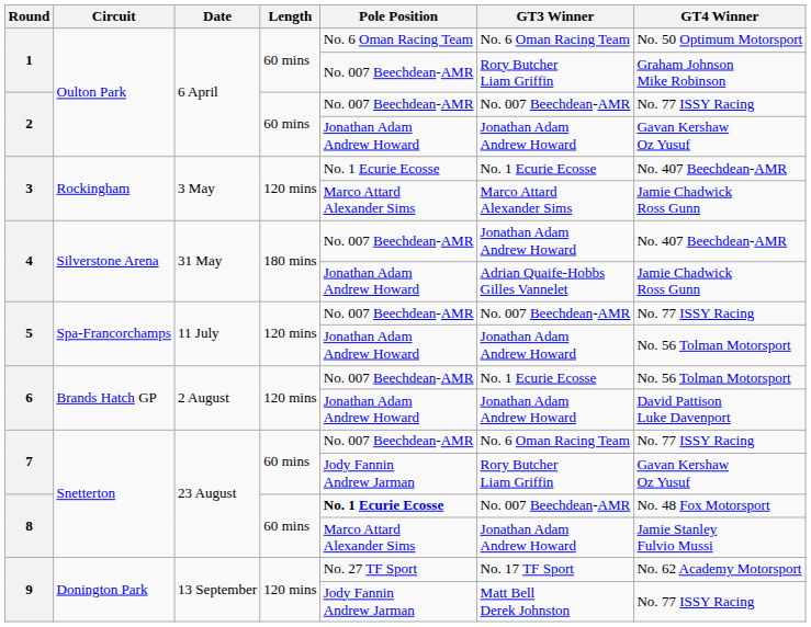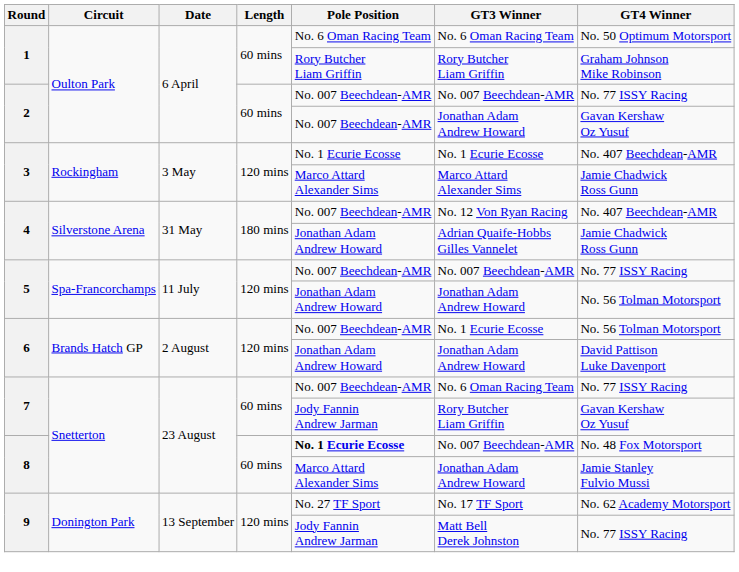 <table class="wikitable" style="font-size: 85%">
 <tr>
 <th>Round</th>
 <th>Circuit</th>
 <th>Date</th>
 <th>Length</th>
 <th>Pole Position</th>
 <th>GT3 Winner</th>
 <th>GT4 Winner</th>
 </tr>
 <tr>
 <th rowspan=2>1</th>
 <td rowspan=4><a href='#'>Oulton Park</a></td>
 <td rowspan=4>6 April</td>
 <td rowspan=2>60 mins</td>
 <td>No. 6 <a href='#'>Oman Racing Team</a></td>
 <td>No. 6 <a href='#'>Oman Racing Team</a></td>
 <td>No. 50 <a href='#'>Optimum Motorsport</a></td>
 </tr>
 <tr>
-<td>No. 007 <a href='#'>Beechdean</a>-<a href='#'>AMR</a></td>
+<td> <a href='#'>Rory Butcher</a><br> <a href='#'>Liam Griffin</a></td>
 <td> <a href='#'>Rory Butcher</a><br> <a href='#'>Liam Griffin</a></td>
 <td> <a href='#'>Graham Johnson</a><br> <a href='#'>Mike Robinson</a></td>
 </tr>
 <tr>
 <th rowspan=2>2</th>
 <td rowspan=2>60 mins</td>
 <td>No. 007 <a href='#'>Beechdean</a>-<a href='#'>AMR</a></td>
 <td>No. 007 <a href='#'>Beechdean</a>-<a href='#'>AMR</a></td>
 <td>No. 77 <a href='#'>ISSY Racing</a></td>
 </tr>
 <tr>
-<td> <a href='#'>Jonathan Adam</a><br> <a href='#'>Andrew Howard</a></td>
+<td>No. 007 <a href='#'>Beechdean</a>-<a href='#'>AMR</a></td>
 <td> <a href='#'>Jonathan Adam</a><br> <a href='#'>Andrew Howard</a></td>
 <td> <a href='#'>Gavan Kershaw</a><br> <a href='#'>Oz Yusuf</a></td>
 </tr>
 <tr>
 <th rowspan=2>3</th>
 <td rowspan=2><a href='#'>Rockingham</a></td>
 <td rowspan=2>3 May</td>
 <td rowspan=2>120 mins</td>
 <td>No. 1 <a href='#'>Ecurie Ecosse</a></td>
 <td>No. 1 <a href='#'>Ecurie Ecosse</a></td>
 <td>No. 407 <a href='#'>Beechdean</a>-<a href='#'>AMR</a></td>
 </tr>
 <tr>
 <td> <a href='#'>Marco Attard</a><br> <a href='#'>Alexander Sims</a></td>
 <td> <a href='#'>Marco Attard</a><br> <a href='#'>Alexander Sims</a></td>
 <td> <a href='#'>Jamie Chadwick</a><br> <a href='#'>Ross Gunn</a></td>
 </tr>
 <tr>
 <th rowspan=2>4</th>
 <td rowspan=2><a href='#'>Silverstone Arena</a></td>
 <td rowspan=2>31 May</td>
 <td rowspan=2>180 mins</td>
 <td>No. 007 <a href='#'>Beechdean</a>-<a href='#'>AMR</a></td>
-<td> <a href='#'>Jonathan Adam</a><br> <a href='#'>Andrew Howard</a></td>
+<td>No. 12 <a href='#'>Von Ryan Racing</a></td>
 <td>No. 407 <a href='#'>Beechdean</a>-<a href='#'>AMR</a></td>
 </tr>
 <tr>
 <td> <a href='#'>Jonathan Adam</a><br> <a href='#'>Andrew Howard</a></td>
 <td> <a href='#'>Adrian Quaife-Hobbs</a><br> <a href='#'>Gilles Vannelet</a></td>
 <td> <a href='#'>Jamie Chadwick</a><br> <a href='#'>Ross Gunn</a></td>
 </tr>
 <tr>
 <th rowspan=2>5</th>
 <td rowspan=2><a href='#'>Spa-Francorchamps</a></td>
 <td rowspan=2>11 July</td>
 <td rowspan=2>120 mins</td>
 <td>No. 007 <a href='#'>Beechdean</a>-<a href='#'>AMR</a></td>
 <td>No. 007 <a href='#'>Beechdean</a>-<a href='#'>AMR</a></td>
 <td>No. 77 <a href='#'>ISSY Racing</a></td>
 </tr>
 <tr>
 <td> <a href='#'>Jonathan Adam</a><br> <a href='#'>Andrew Howard</a></td>
 <td> <a href='#'>Jonathan Adam</a><br> <a href='#'>Andrew Howard</a></td>
 <td>No. 56 <a href='#'>Tolman Motorsport</a></td>
 </tr>
 <tr>
 <th rowspan=2>6</th>
 <td rowspan=2><a href='#'>Brands Hatch</a> GP</td>
 <td rowspan=2>2 August</td>
 <td rowspan=2>120 mins</td>
 <td>No. 007 <a href='#'>Beechdean</a>-<a href='#'>AMR</a></td>
 <td>No. 1 <a href='#'>Ecurie Ecosse</a></td>
 <td>No. 56 <a href='#'>Tolman Motorsport</a></td>
 </tr>
 <tr>
 <td> <a href='#'>Jonathan Adam</a><br> <a href='#'>Andrew Howard</a></td>
 <td> <a href='#'>Jonathan Adam</a><br> <a href='#'>Andrew Howard</a></td>
 <td> <a href='#'>David Pattison</a><br> <a href='#'>Luke Davenport</a></td>
 </tr>
 <tr>
 <th rowspan=2>7</th>
 <td rowspan=4><a href='#'>Snetterton</a></td>
 <td rowspan=4>23 August</td>
 <td rowspan=2>60 mins</td>
 <td>No. 007 <a href='#'>Beechdean</a>-<a href='#'>AMR</a></td>
 <td>No. 6 <a href='#'>Oman Racing Team</a></td>
 <td>No. 77 <a href='#'>ISSY Racing</a></td>
 </tr>
 <tr>
 <td> <a href='#'>Jody Fannin</a><br> <a href='#'>Andrew Jarman</a></td>
 <td> <a href='#'>Rory Butcher</a><br> <a href='#'>Liam Griffin</a></td>
 <td> <a href='#'>Gavan Kershaw</a><br> <a href='#'>Oz Yusuf</a></td>
 </tr>
 <tr>
 <th rowspan=2>8</th>
 <td rowspan=2>60 mins</td>
 <td><strong>No. 1 <a href='#'>Ecurie Ecosse</a></strong></td>
 <td>No. 007 <a href='#'>Beechdean</a>-<a href='#'>AMR</a></td>
 <td>No. 48 <a href='#'>Fox Motorsport</a></td>
 </tr>
 <tr>
 <td> <a href='#'>Marco Attard</a><br> <a href='#'>Alexander Sims</a></td>
 <td> <a href='#'>Jonathan Adam</a><br> <a href='#'>Andrew Howard</a></td>
 <td> <a href='#'>Jamie Stanley</a><br> <a href='#'>Fulvio Mussi</a></td>
 </tr>
 <tr>
 <th rowspan=2>9</th>
 <td rowspan=2><a href='#'>Donington Park</a></td>
 <td rowspan=2>13 September</td>
 <td rowspan=2>120 mins</td>
 <td>No. 27 <a href='#'>TF Sport</a></td>
 <td>No. 17 <a href='#'>TF Sport</a></td>
 <td>No. 62 <a href='#'>Academy Motorsport</a></td>
 </tr>
 <tr>
 <td> <a href='#'>Jody Fannin</a><br> <a href='#'>Andrew Jarman</a></td>
 <td> <a href='#'>Matt Bell</a><br> <a href='#'>Derek Johnston</a></td>
 <td>No. 77 <a href='#'>ISSY Racing</a></td>
 </tr>
 </table>
